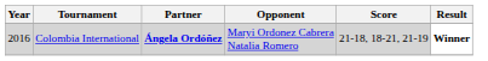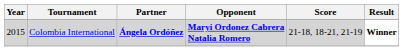 <table class="sortable wikitable" style="font-size: 90%;">
 <tr>
 <th>Year</th>
 <th>Tournament</th>
 <th>Partner</th>
 <th>Opponent</th>
 <th>Score</th>
 <th>Result</th>
 </tr>
 <tr>
 </tr>
 <tr style="background:#D5D5D5">
-<td align="center">2016</td>
+<td align="center">2015</td>
 <td align="left"><a href='#'>Colombia International</a></td>
 <td align="left"><strong> <a href='#'>Ángela Ordóñez</a></strong></td>
-<td align="left"> <a href='#'>Maryi Ordonez Cabrera</a><br> <a href='#'>Natalia Romero</a></td>
+<td align="left"><strong> <a href='#'>Maryi Ordonez Cabrera</a><br> <a href='#'>Natalia Romero</a></strong></td>
 <td align="left">21-18, 18-21, 21-19</td>
 <td style="text-align:left; background:white"> <strong>Winner</strong></td>
 </tr>
 <tr>
 </tr>
 </table>
